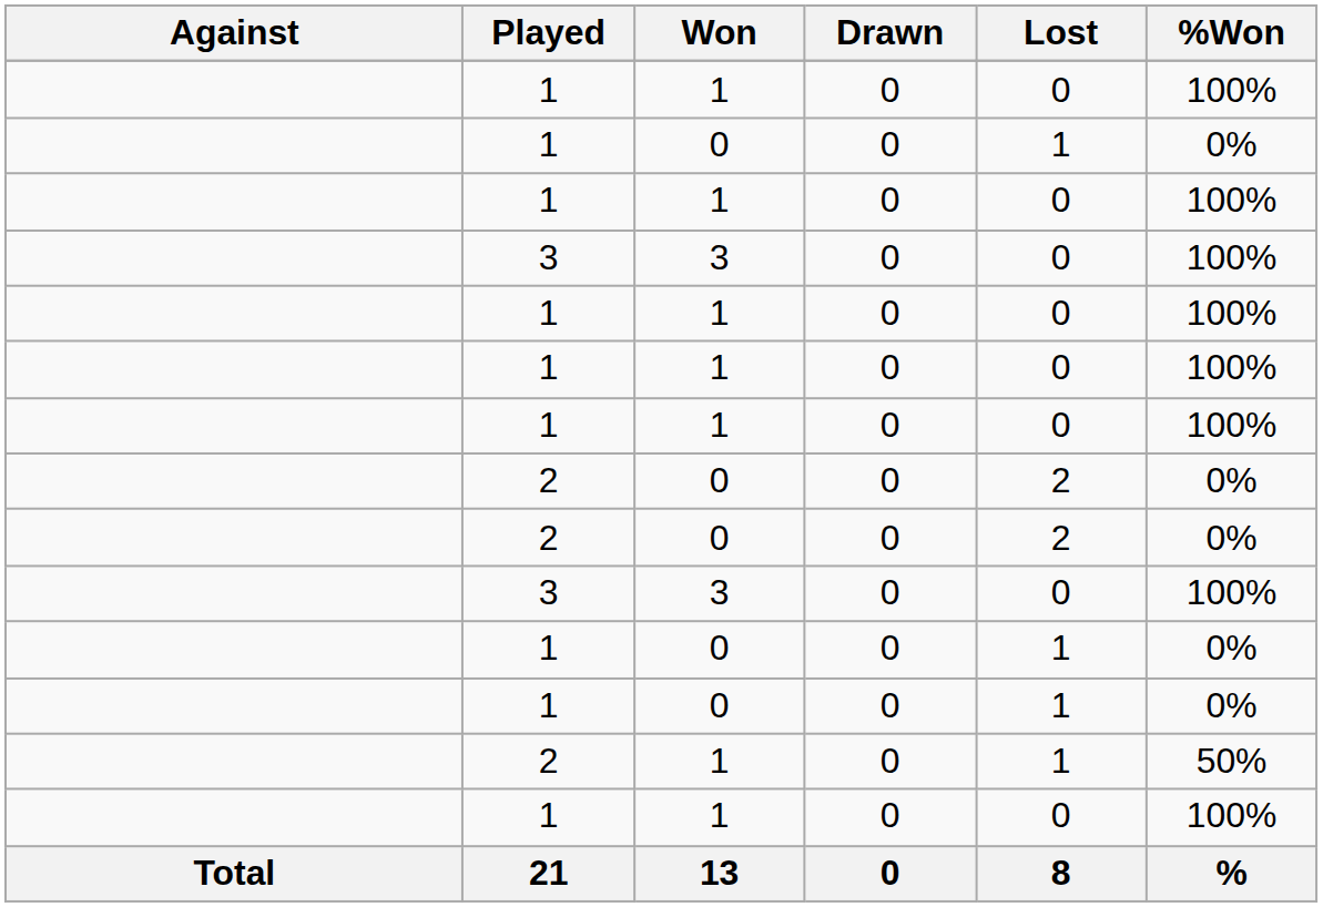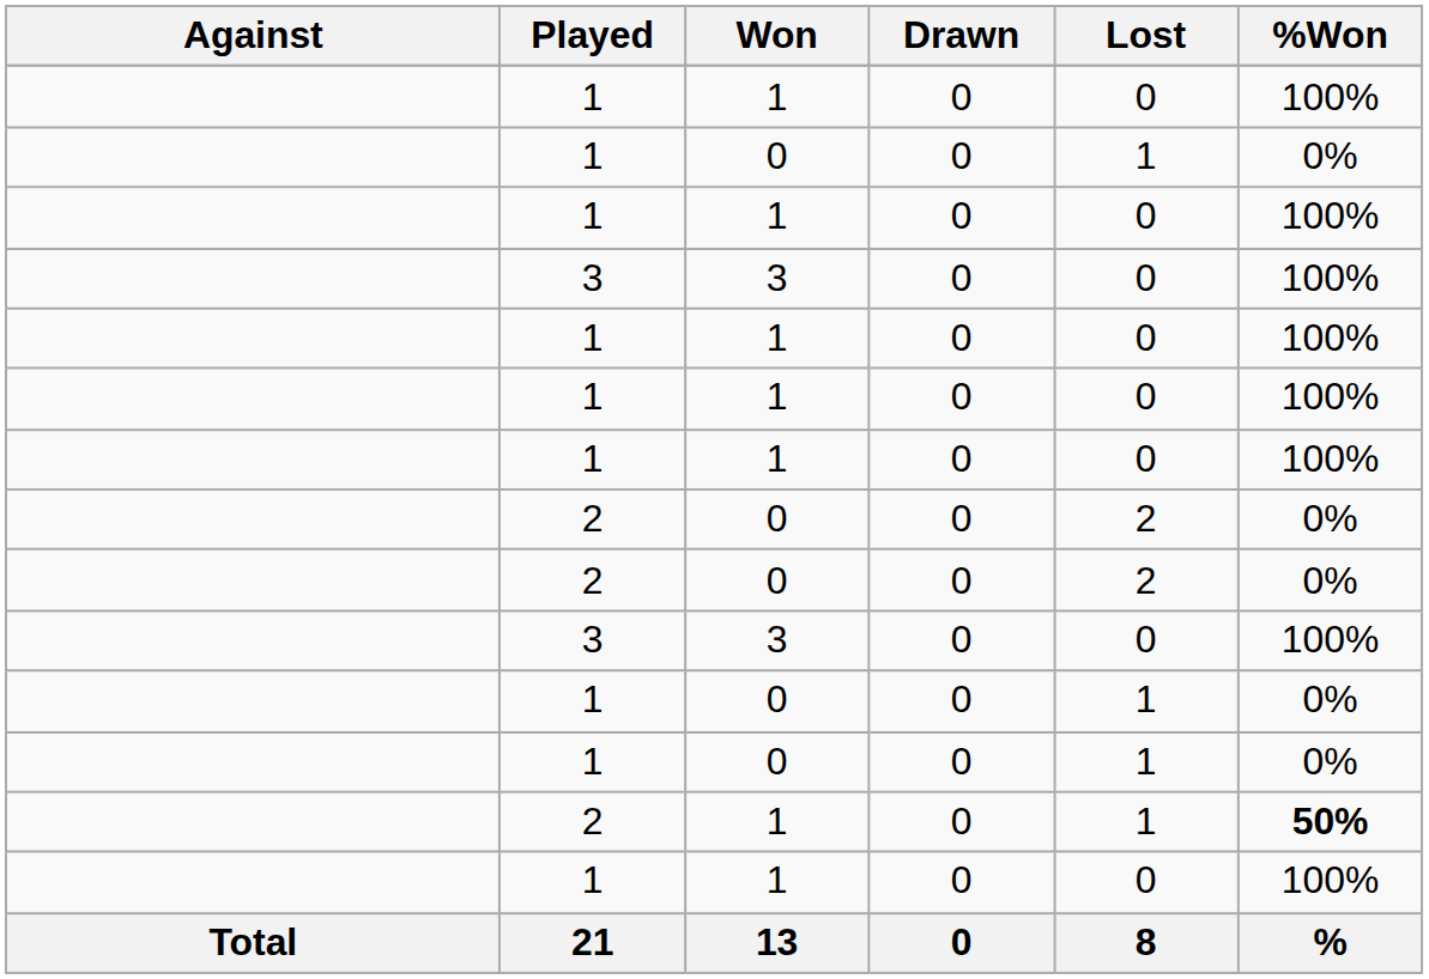 <table class="wikitable sortable" style="text-align:center">
 <tr>
 <th width=200>Against</th>
 <th width=70>Played</th>
 <th width=70>Won</th>
 <th width=70>Drawn</th>
 <th width=70>Lost</th>
 <th width=70>%Won</th>
 </tr>
 <tr bgcolor="#d0ffd0" align="center">
 </tr>
 <tr>
 <td align="left"></td>
 <td>1</td>
 <td>1</td>
 <td>0</td>
 <td>0</td>
 <td>100%</td>
 </tr>
 <tr>
 <td align="left"></td>
 <td>1</td>
 <td>0</td>
 <td>0</td>
 <td>1</td>
 <td>0%</td>
 </tr>
 <tr>
 <td align="left"></td>
 <td>1</td>
 <td>1</td>
 <td>0</td>
 <td>0</td>
 <td>100%</td>
 </tr>
 <tr>
 <td align="left"></td>
 <td>3</td>
 <td>3</td>
 <td>0</td>
 <td>0</td>
 <td>100%</td>
 </tr>
 <tr>
 <td align="left"></td>
 <td>1</td>
 <td>1</td>
 <td>0</td>
 <td>0</td>
 <td>100%</td>
 </tr>
 <tr>
 <td align="left"></td>
 <td>1</td>
 <td>1</td>
 <td>0</td>
 <td>0</td>
 <td>100%</td>
 </tr>
 <tr>
 <td align="left"></td>
 <td>1</td>
 <td>1</td>
 <td>0</td>
 <td>0</td>
 <td>100%</td>
 </tr>
 <tr>
 <td align="left"></td>
 <td>2</td>
 <td>0</td>
 <td>0</td>
 <td>2</td>
 <td>0%</td>
 </tr>
 <tr>
 <td align="left"></td>
 <td>2</td>
 <td>0</td>
 <td>0</td>
 <td>2</td>
 <td>0%</td>
 </tr>
 <tr>
 <td align="left"></td>
 <td>3</td>
 <td>3</td>
 <td>0</td>
 <td>0</td>
 <td>100%</td>
 </tr>
 <tr>
 <td align="left"></td>
 <td>1</td>
 <td>0</td>
 <td>0</td>
 <td>1</td>
 <td>0%</td>
 </tr>
 <tr>
 <td align="left"></td>
 <td>1</td>
 <td>0</td>
 <td>0</td>
 <td>1</td>
 <td>0%</td>
 </tr>
 <tr>
 <td align="left"></td>
 <td>2</td>
 <td>1</td>
 <td>0</td>
 <td>1</td>
-<td>50%</td>
+<td><strong>50%</strong></td>
 </tr>
 <tr>
 <td align="left"></td>
 <td>1</td>
 <td>1</td>
 <td>0</td>
 <td>0</td>
 <td>100%</td>
 </tr>
 <tr class="sortbottom">
 <th>Total</th>
 <th>21</th>
 <th>13</th>
 <th>0</th>
 <th>8</th>
 <th>%</th>
 </tr>
 </table>
